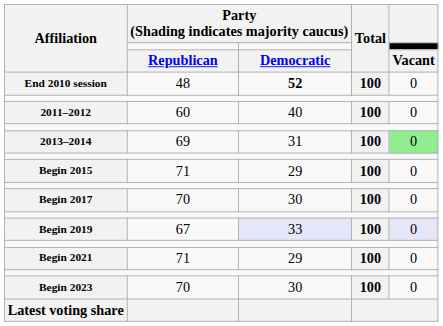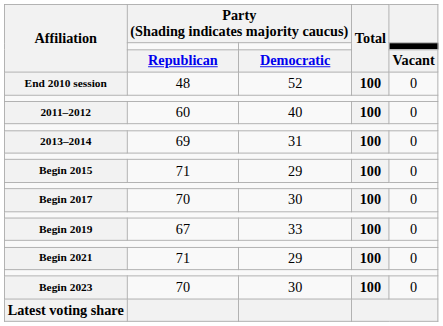 <table class=wikitable style="text-align:center">
 <tr style="vertical-align:">
 <th rowspan=3>Affiliation</th>
 <th colspan=2>Party <div>(Shading indicates majority caucus)</div></th>
 <th rowspan=3>Total</th>
 <th></th>
 </tr>
 <tr style="height:5px">
 <td style="background-color:"></td>
 <td style="background-color:"></td>
 <td style="background: black"></td>
 </tr>
 <tr>
 <th><a href='#'>Republican</a></th>
 <th><a href='#'>Democratic</a></th>
 <th>Vacant</th>
 </tr>
 <tr>
 <th nowrap style="font-size:80%">End 2010 session</th>
 <td>48</td>
-<td><strong>52</strong></td>
+<td>52</td>
 <th>100</th>
 <td>0</td>
 </tr>
 <tr>
 <td colspan=5></td>
 </tr>
 <tr>
 <th nowrap style="font-size:80%">2011–2012</th>
 <td>60</td>
 <td>40</td>
 <th>100</th>
 <td>0</td>
 </tr>
 <tr>
 <td colspan=5></td>
 </tr>
 <tr>
 <th nowrap style="font-size:80%">2013–2014</th>
 <td>69</td>
 <td>31</td>
 <th>100</th>
-<td style="background: lightgreen;">0</td>
+<td>0</td>
 </tr>
 <tr>
 <td colspan=5></td>
 </tr>
 <tr>
 <th nowrap style="font-size:80%">Begin 2015</th>
 <td>71</td>
 <td>29</td>
 <th>100</th>
 <td>0</td>
 </tr>
 <tr>
 <td colspan=5></td>
 </tr>
 <tr>
 <th nowrap style="font-size:80%">Begin 2017</th>
 <td>70</td>
 <td>30</td>
 <th>100</th>
 <td>0</td>
 </tr>
 <tr>
 <td colspan=5></td>
 </tr>
 <tr>
 <th nowrap style="font-size:80%">Begin 2019</th>
 <td>67</td>
-<td style="background: lavender;">33</td>
+<td>33</td>
 <th>100</th>
-<td style="background: lavender;">0</td>
+<td>0</td>
 </tr>
 <tr>
 <td colspan=5></td>
 </tr>
 <tr>
 <th nowrap style="font-size:80%">Begin 2021</th>
 <td>71</td>
 <td>29</td>
 <th>100</th>
 <td>0</td>
 </tr>
 <tr>
 <td colspan=5></td>
 </tr>
 <tr>
 <th nowrap style="font-size:80%">Begin 2023</th>
 <td>70</td>
 <td>30</td>
 <th>100</th>
 <td>0</td>
 </tr>
 <tr>
 <th>Latest voting share</th>
 <th></th>
 <th></th>
 <th colspan=2></th>
 </tr>
 </table>
